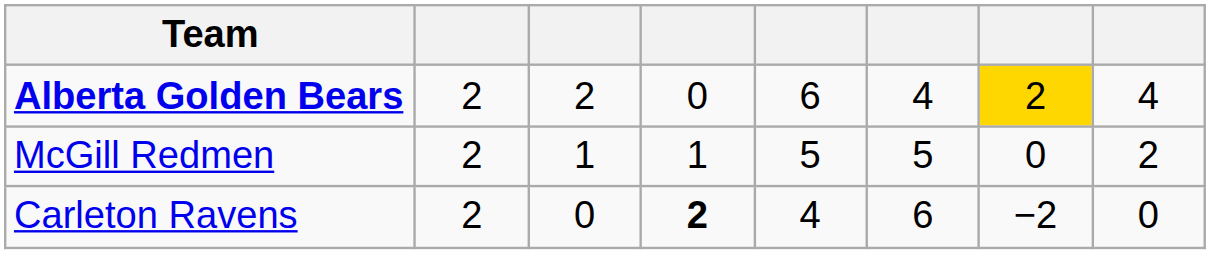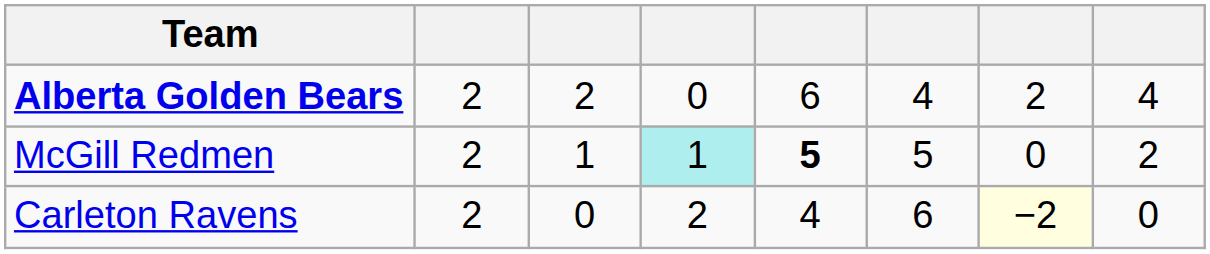 <table class="wikitable" style="text-align:center;">
 <tr>
 <th width=165>Team</th>
 <th width=40></th>
 <th width=40></th>
 <th width=40></th>
 <th width=40></th>
 <th width=40></th>
 <th width=40></th>
 <th width=40></th>
 </tr>
 <tr>
 <td style="text-align:left;"><strong><a href='#'>Alberta Golden Bears</a></strong></td>
 <td>2</td>
 <td>2</td>
 <td>0</td>
 <td>6</td>
 <td>4</td>
-<td style="background: gold;">2</td>
+<td>2</td>
 <td>4</td>
 </tr>
 <tr>
 <td style="text-align:left;"><a href='#'>McGill Redmen</a></td>
 <td>2</td>
 <td>1</td>
-<td>1</td>
-<td>5</td>
+<td style="background: paleturquoise;">1</td>
+<td><strong>5</strong></td>
 <td>5</td>
 <td>0</td>
 <td>2</td>
 </tr>
 <tr>
 <td style="text-align:left;"><a href='#'>Carleton Ravens</a></td>
 <td>2</td>
 <td>0</td>
-<td><strong>2</strong></td>
+<td>2</td>
 <td>4</td>
 <td>6</td>
-<td>−2</td>
+<td style="background: lightyellow;">−2</td>
 <td>0</td>
 </tr>
 </table>
